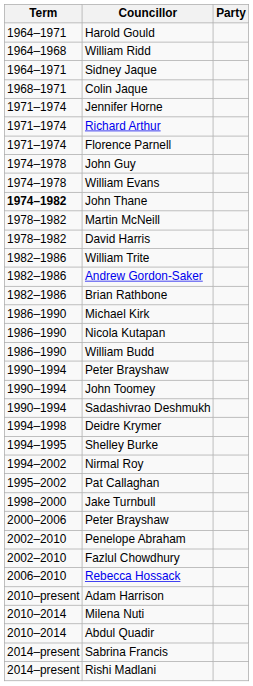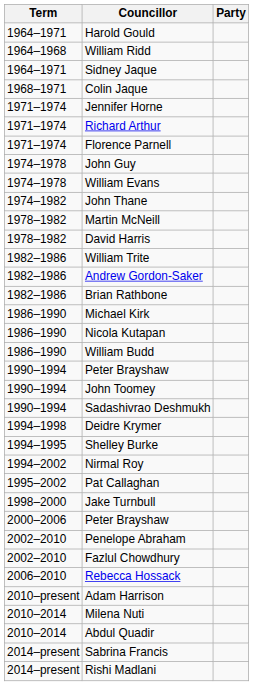 <table class="wikitable">
 <tr>
 <th>Term</th>
 <th>Councillor</th>
 <th colspan=2>Party</th>
 </tr>
 <tr>
 <td>1964–1971</td>
 <td>Harold Gould</td>
 <td></td>
 </tr>
 <tr>
 <td>1964–1968</td>
 <td>William Ridd</td>
 <td></td>
 </tr>
 <tr>
 <td>1964–1971</td>
 <td>Sidney Jaque</td>
 <td></td>
 </tr>
 <tr>
 <td>1968–1971</td>
 <td>Colin Jaque</td>
 <td></td>
 </tr>
 <tr>
 <td>1971–1974</td>
 <td>Jennifer Horne</td>
 <td></td>
 </tr>
 <tr>
 <td>1971–1974</td>
 <td><a href='#'>Richard Arthur</a></td>
 <td></td>
 </tr>
 <tr>
 <td>1971–1974</td>
 <td>Florence Parnell</td>
 <td></td>
 </tr>
 <tr>
 <td>1974–1978</td>
 <td>John Guy</td>
 <td></td>
 </tr>
 <tr>
 <td>1974–1978</td>
 <td>William Evans</td>
 <td></td>
 </tr>
 <tr>
-<td><strong>1974–1982</strong></td>
+<td>1974–1982</td>
 <td>John Thane</td>
 <td></td>
 </tr>
 <tr>
 <td>1978–1982</td>
 <td>Martin McNeill</td>
 <td></td>
 </tr>
 <tr>
 <td>1978–1982</td>
 <td>David Harris</td>
 <td></td>
 </tr>
 <tr>
 <td>1982–1986</td>
 <td>William Trite</td>
 <td></td>
 </tr>
 <tr>
 <td>1982–1986</td>
 <td><a href='#'>Andrew Gordon-Saker</a></td>
 <td></td>
 </tr>
 <tr>
 <td>1982–1986</td>
 <td>Brian Rathbone</td>
 <td></td>
 </tr>
 <tr>
 <td>1986–1990</td>
 <td>Michael Kirk</td>
 <td></td>
 </tr>
 <tr>
 <td>1986–1990</td>
 <td>Nicola Kutapan</td>
 <td></td>
 </tr>
 <tr>
 <td>1986–1990</td>
 <td>William Budd</td>
 <td></td>
 </tr>
 <tr>
 <td>1990–1994</td>
 <td>Peter Brayshaw</td>
 <td></td>
 </tr>
 <tr>
 <td>1990–1994</td>
 <td>John Toomey</td>
 <td></td>
 </tr>
 <tr>
 <td>1990–1994</td>
 <td>Sadashivrao Deshmukh</td>
 <td></td>
 </tr>
 <tr>
 <td>1994–1998</td>
 <td>Deidre Krymer</td>
 <td></td>
 </tr>
 <tr>
 <td>1994–1995</td>
 <td>Shelley Burke</td>
 <td></td>
 </tr>
 <tr>
 <td>1994–2002</td>
 <td>Nirmal Roy</td>
 <td></td>
 </tr>
 <tr>
 <td>1995–2002</td>
 <td>Pat Callaghan</td>
 <td></td>
 </tr>
 <tr>
 <td>1998–2000</td>
 <td>Jake Turnbull</td>
 <td></td>
 </tr>
 <tr>
 <td>2000–2006</td>
 <td>Peter Brayshaw</td>
 <td></td>
 </tr>
 <tr>
 <td>2002–2010</td>
 <td>Penelope Abraham</td>
 <td></td>
 </tr>
 <tr>
 <td>2002–2010</td>
 <td>Fazlul Chowdhury</td>
 <td></td>
 </tr>
 <tr>
 <td>2006–2010</td>
 <td><a href='#'>Rebecca Hossack</a></td>
 <td></td>
 </tr>
 <tr>
 <td>2010–present</td>
 <td>Adam Harrison</td>
 <td></td>
 </tr>
 <tr>
 <td>2010–2014</td>
 <td>Milena Nuti</td>
 <td></td>
 </tr>
 <tr>
 <td>2010–2014</td>
 <td>Abdul Quadir</td>
 <td></td>
 </tr>
 <tr>
 <td>2014–present</td>
 <td>Sabrina Francis</td>
 <td></td>
 </tr>
 <tr>
 <td>2014–present</td>
 <td>Rishi Madlani</td>
 <td></td>
 </tr>
 </table>
